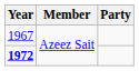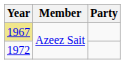 <table class="wikitable sortable">
 <tr>
 <th>Year</th>
 <th>Member</th>
 <th colspan=2>Party</th>
 </tr>
 <tr>
-<td><a href='#'>1967</a></td>
+<td style="background: khaki;"><a href='#'>1967</a></td>
 <td rowspan=2><a href='#'>Azeez Sait</a></td>
 <td></td>
 </tr>
 <tr>
-<td><strong><a href='#'>1972</a></strong></td>
+<td><a href='#'>1972</a></td>
 <td></td>
 </tr>
 </table>
